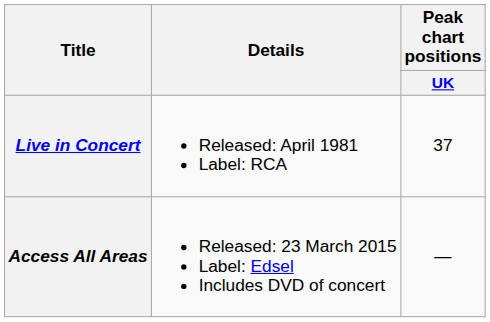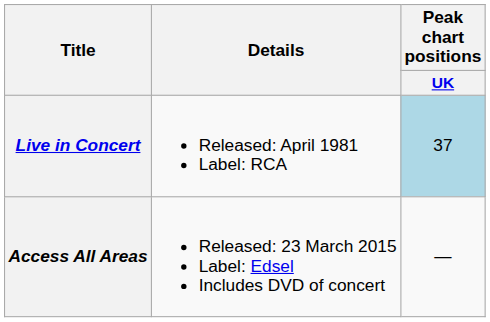 <table class="wikitable plainrowheaders">
 <tr>
 <th scope="col" rowspan="2">Title</th>
 <th scope="col" rowspan="2">Details</th>
 <th scope="col" colspan="1">Peak chart positions</th>
 </tr>
 <tr>
 <th scope="col" style="width:2.5em;font-size:90%;"><a href='#'>UK</a><br></th>
 </tr>
 <tr>
 <th scope="row"><em><a href='#'>Live in Concert</a></em></th>
 <td><br><ul><li>Released: April 1981</li><li>Label: RCA</li></ul></td>
-<td style="text-align:center;">37</td>
+<td style="background: lightblue; text-align:center;">37</td>
 </tr>
 <tr>
 <th scope="row"><em>Access All Areas</em></th>
 <td><br><ul><li>Released: 23 March 2015</li><li>Label: <a href='#'>Edsel</a></li><li>Includes DVD of concert</li></ul></td>
 <td style="text-align:center;">—</td>
 </tr>
 </table>
